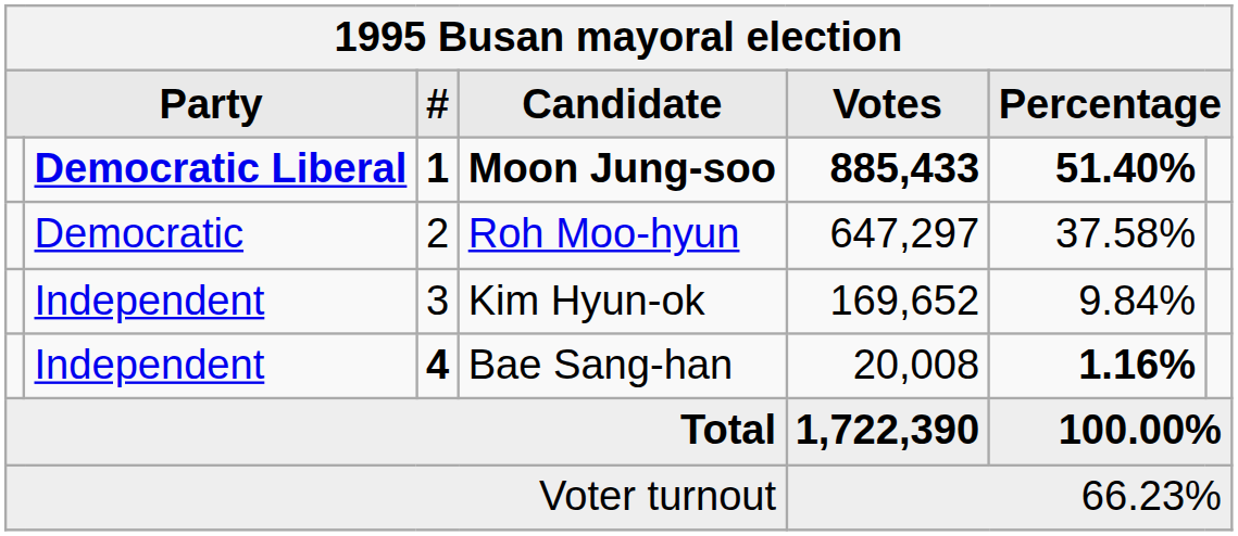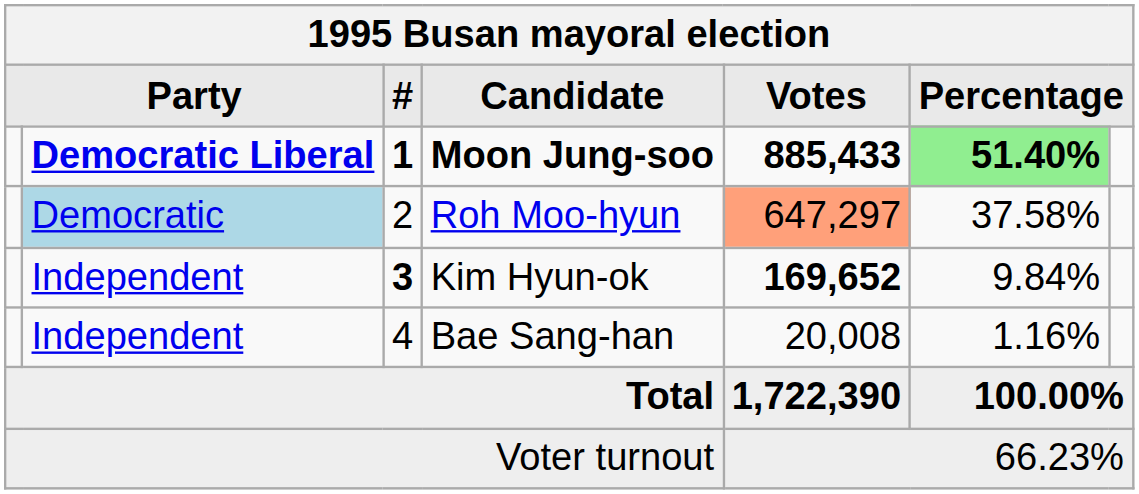 <table class="wikitable">
 <tr>
 <th colspan="7">1995 Busan mayoral election</th>
 </tr>
 <tr>
 <th style="background-color:#E9E9E9" colspan=2>Party</th>
 <th style="background-color:#E9E9E9">#</th>
 <th style="background-color:#E9E9E9">Candidate</th>
 <th style="background-color:#E9E9E9">Votes</th>
 <th style="background-color:#E9E9E9" colspan=2>Percentage</th>
 </tr>
 <tr style="font-weight:bold">
 <td></td>
 <td align=left><a href='#'>Democratic Liberal</a></td>
 <td align=center>1</td>
 <td align=left>Moon Jung-soo</td>
 <td align=right>885,433</td>
-<td align=right>51.40%</td>
+<td align=right style="background: lightgreen;">51.40%</td>
 <td align=right></td>
 </tr>
 <tr>
 <td></td>
-<td align=left><a href='#'>Democratic</a></td>
+<td align=left style="background: lightblue;"><a href='#'>Democratic</a></td>
 <td align=center>2</td>
 <td align=left><a href='#'>Roh Moo-hyun</a></td>
-<td align=right>647,297</td>
+<td align=right style="background: lightsalmon;">647,297</td>
 <td align=right>37.58%</td>
 <td align=right></td>
 </tr>
 <tr>
 <td></td>
 <td align=left><a href='#'>Independent</a></td>
-<td align=center>3</td>
+<td align=center><strong>3</strong></td>
 <td align=left>Kim Hyun-ok</td>
-<td align=right>169,652</td>
+<td align=right><strong>169,652</strong></td>
 <td align=right>9.84%</td>
 <td align=right></td>
 </tr>
 <tr>
 <td></td>
 <td align=left><a href='#'>Independent</a></td>
-<td align=center><strong>4</strong></td>
+<td align=center>4</td>
 <td align=left>Bae Sang-han</td>
 <td align=right>20,008</td>
-<td align=right><strong>1.16%</strong></td>
+<td align=right>1.16%</td>
 <td align=right></td>
 </tr>
 <tr bgcolor="#EEEEEE" style="font-weight:bold">
 <td colspan="4" align=right>Total</td>
 <td align=right>1,722,390</td>
 <td align=right colspan=2>100.00%</td>
 </tr>
 <tr bgcolor="#EEEEEE">
 <td colspan="4" align="right">Voter turnout</td>
 <td colspan="3" align="right">66.23%</td>
 </tr>
 </table>
